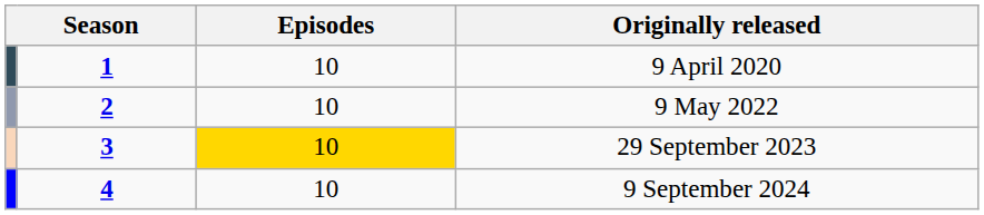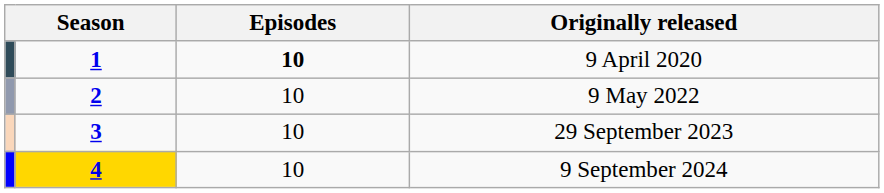 <table class="wikitable" style="text-align:center;">
 <tr>
 <th colspan="2" rowspan="1">Season</th>
 <th rowspan="1">Episodes</th>
 <th colspan="1">Originally released</th>
 </tr>
 <tr>
 <td style="width:12px; background:#2F4B59; width:1%;"></td>
 <td><strong><a href='#'>1</a></strong></td>
-<td>10</td>
+<td><strong>10</strong></td>
 <td>9 April 2020</td>
 </tr>
 <tr>
 <td style="width:12px; background:#9099AE; width:1%;"></td>
 <td><strong><a href='#'>2</a></strong></td>
 <td>10</td>
 <td>9 May 2022</td>
 </tr>
 <tr>
 <td style="width:12px; background:#FAD7BB; width:1%;"></td>
 <td><strong><a href='#'>3</a></strong></td>
-<td style="background: gold;">10</td>
+<td>10</td>
 <td>29 September 2023</td>
 </tr>
 <tr>
 <td style="width:12px; background:#0000FF; width:1%;"></td>
-<td><strong><a href='#'>4</a></strong></td>
+<td style="background: gold;"><strong><a href='#'>4</a></strong></td>
 <td>10</td>
 <td>9 September 2024</td>
 </tr>
 </table>
